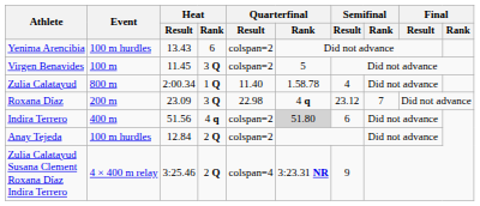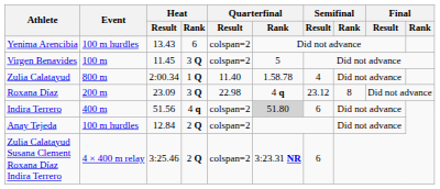 <table class=wikitable style="font-size:90%">
 <tr>
 <th rowspan="2">Athlete</th>
 <th rowspan="2">Event</th>
 <th colspan="2">Heat</th>
 <th colspan="2">Quarterfinal</th>
 <th colspan="2">Semifinal</th>
 <th colspan="2">Final</th>
 </tr>
 <tr style="font-size:95%">
 <th>Result</th>
 <th>Rank</th>
 <th>Result</th>
 <th>Rank</th>
 <th>Result</th>
 <th>Rank</th>
 <th>Result</th>
 <th>Rank</th>
 </tr>
 <tr align=center>
 <td align=left><a href='#'>Yenima Arencibia</a></td>
 <td align=left><a href='#'>100 m hurdles</a></td>
 <td>13.43</td>
 <td>6</td>
 <td>colspan=2 </td>
 <td colspan=4>Did not advance</td>
 </tr>
 <tr align=center>
 <td align=left><a href='#'>Virgen Benavides</a></td>
 <td align=left><a href='#'>100 m</a></td>
 <td>11.45</td>
 <td>3 <strong>Q</strong></td>
 <td>colspan=2 </td>
 <td>5</td>
 <td colspan=4>Did not advance</td>
 </tr>
 <tr align=center>
 <td align=left><a href='#'>Zulia Calatayud</a></td>
 <td align=left><a href='#'>800 m</a></td>
 <td>2:00.34</td>
 <td>1 <strong>Q</strong></td>
 <td>11.40</td>
 <td>1.58.78</td>
 <td>4</td>
 <td colspan=2>Did not advance</td>
 </tr>
 <tr align=center>
 <td align=left><a href='#'>Roxana Díaz</a></td>
 <td align=left><a href='#'>200 m</a></td>
 <td>23.09</td>
 <td>3 <strong>Q</strong></td>
 <td>22.98</td>
 <td>4 <strong>q</strong></td>
 <td>23.12</td>
-<td>7</td>
+<td>8</td>
 <td colspan=2>Did not advance</td>
 </tr>
 <tr align=center>
 <td align=left><a href='#'>Indira Terrero</a></td>
 <td align=left><a href='#'>400 m</a></td>
 <td>51.56</td>
 <td>4 <strong>q</strong></td>
 <td>colspan=2 </td>
 <td style="background: lightgrey;">51.80</td>
 <td>6</td>
 <td colspan=2>Did not advance</td>
 </tr>
 <tr align=center>
 <td align=left><a href='#'>Anay Tejeda</a></td>
 <td align=left><a href='#'>100 m hurdles</a></td>
 <td>12.84</td>
 <td>2 <strong>Q</strong></td>
 <td>colspan=2 </td>
 <td colspan=2></td>
 <td colspan=2>Did not advance</td>
 </tr>
 <tr align=center>
 <td align=left><a href='#'>Zulia Calatayud</a><br><a href='#'>Susana Clement</a><br><a href='#'>Roxana Díaz</a><br><a href='#'>Indira Terrero</a></td>
 <td align=left><a href='#'>4 × 400 m relay</a></td>
 <td>3:25.46</td>
 <td>2 <strong>Q</strong></td>
-<td>colspan=4 </td>
+<td>colspan=2 </td>
 <td>3:23.31 <strong><a href='#'>NR</a></strong></td>
-<td>9</td>
+<td>6</td>
 </tr>
 </table>
